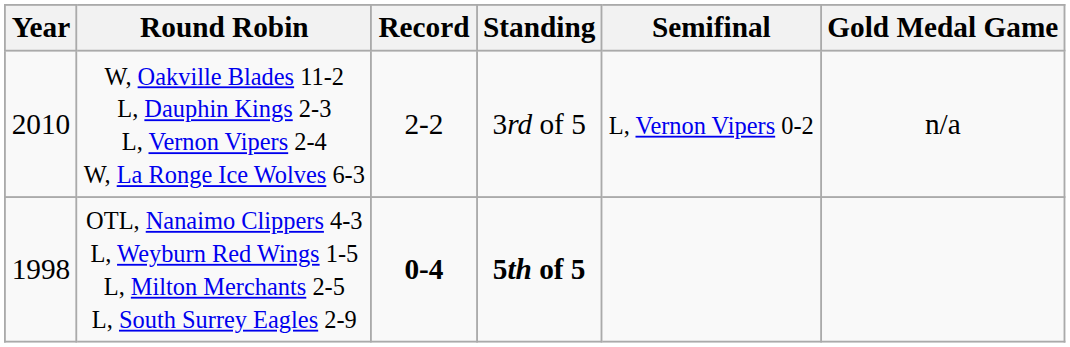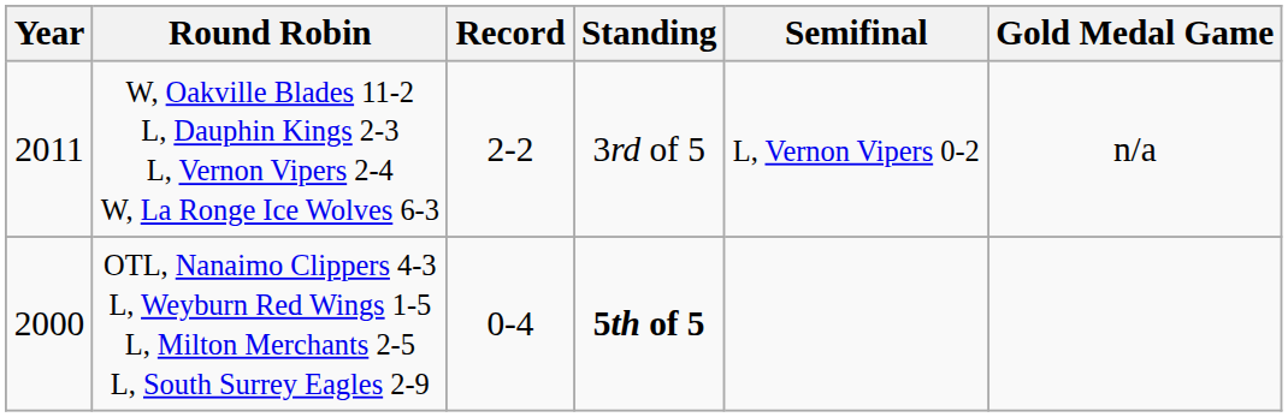 <table class="wikitable" style="text-align:center;">
 <tr>
 <th>Year</th>
 <th>Round Robin</th>
 <th>Record</th>
 <th>Standing</th>
 <th>Semifinal</th>
 <th>Gold Medal Game</th>
 </tr>
 <tr>
-<td>2010</td>
+<td>2011</td>
 <td><small>W, <a href='#'>Oakville Blades</a> 11-2<br>L, <a href='#'>Dauphin Kings</a> 2-3<br>L, <a href='#'>Vernon Vipers</a> 2-4<br>W, <a href='#'>La Ronge Ice Wolves</a> 6-3</small></td>
 <td>2-2</td>
 <td>3<em>rd</em> of 5</td>
 <td><small>L, <a href='#'>Vernon Vipers</a> 0-2</small></td>
 <td>n/a</td>
 </tr>
 <tr>
-<td>1998</td>
+<td>2000</td>
 <td><small>OTL, <a href='#'>Nanaimo Clippers</a> 4-3<br>L, <a href='#'>Weyburn Red Wings</a> 1-5<br>L, <a href='#'>Milton Merchants</a> 2-5<br>L, <a href='#'>South Surrey Eagles</a> 2-9</small></td>
-<td><strong>0-4</strong></td>
+<td>0-4</td>
 <td><strong>5<em>th</em> of 5</strong></td>
 <td></td>
 </tr>
 </table>
